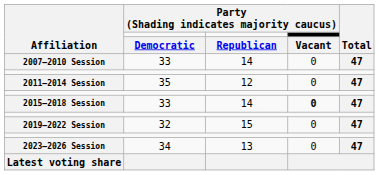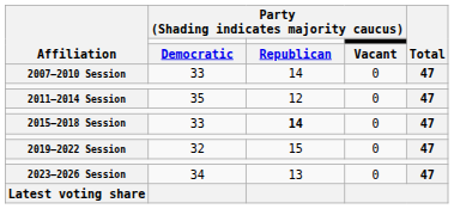 <table class=wikitable style="text-align:center">
 <tr style="vertical-align:bottom;">
 <th rowspan=3>Affiliation</th>
 <th colspan=3>Party <div>(Shading indicates majority caucus)</div></th>
 <th rowspan=3>Total</th>
 </tr>
 <tr style="height:5px">
 <td style="background-color:"></td>
 <td style="background-color:"></td>
 <td style="background: black"></td>
 </tr>
 <tr>
 <th><a href='#'>Democratic</a></th>
 <th><a href='#'>Republican</a></th>
 <th>Vacant</th>
 </tr>
 <tr>
 <th nowrap style="font-size:80%">2007–2010 Session</th>
 <td>33</td>
 <td>14</td>
 <td>0</td>
 <th>47</th>
 </tr>
 <tr>
 <td colspan=5></td>
 </tr>
 <tr>
 <th nowrap style="font-size:80%">2011–2014 Session</th>
 <td>35</td>
 <td>12</td>
 <td>0</td>
 <th>47</th>
 </tr>
 <tr>
 <td colspan=5></td>
 </tr>
 <tr>
 <th nowrap style="font-size:80%">2015–2018 Session</th>
 <td>33</td>
-<td>14</td>
-<td><strong>0</strong></td>
+<td><strong>14</strong></td>
+<td>0</td>
 <th>47</th>
 </tr>
 <tr>
 <td colspan=5></td>
 </tr>
 <tr>
 <th nowrap style="font-size:80%">2019–2022 Session</th>
 <td>32</td>
 <td>15</td>
 <td>0</td>
 <th>47</th>
 </tr>
 <tr>
 <td colspan=5></td>
 </tr>
 <tr>
 <th nowrap style="font-size:80%">2023–2026 Session</th>
 <td>34</td>
 <td>13</td>
 <td>0</td>
 <th>47</th>
 </tr>
 <tr>
 <th>Latest voting share</th>
 <th></th>
 <th></th>
 <th colspan=2></th>
 </tr>
 </table>
